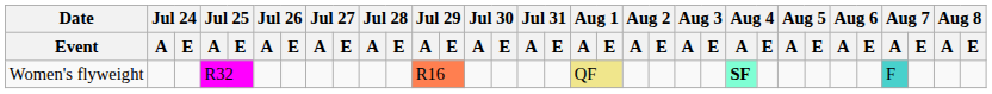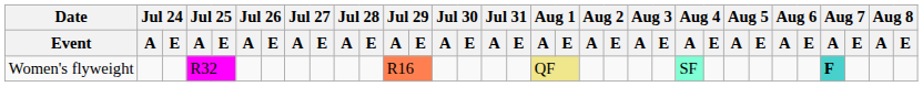 <table class="wikitable olympic-schedule Boxing">
 <tr>
 <th>Date</th>
 <th colspan="2">Jul 24</th>
 <th colspan="2">Jul 25</th>
 <th colspan="2">Jul 26</th>
 <th colspan="2">Jul 27</th>
 <th colspan="2">Jul 28</th>
 <th colspan="2">Jul 29</th>
 <th colspan="2">Jul 30</th>
 <th colspan="2">Jul 31</th>
 <th colspan="2">Aug 1</th>
 <th colspan="2">Aug 2</th>
 <th colspan="2">Aug 3</th>
 <th colspan="2">Aug 4</th>
 <th colspan="2">Aug 5</th>
 <th colspan="2">Aug 6</th>
 <th colspan="2">Aug 7</th>
 <th colspan="2">Aug 8</th>
 </tr>
 <tr>
 <th>Event</th>
 <th>A</th>
 <th>E</th>
 <th>A</th>
 <th>E</th>
 <th>A</th>
 <th>E</th>
 <th>A</th>
 <th>E</th>
 <th>A</th>
 <th>E</th>
 <th>A</th>
 <th>E</th>
 <th>A</th>
 <th>E</th>
 <th>A</th>
 <th>E</th>
 <th>A</th>
 <th>E</th>
 <th>A</th>
 <th>E</th>
 <th>A</th>
 <th>E</th>
 <th>A</th>
 <th>E</th>
 <th>A</th>
 <th>E</th>
 <th>A</th>
 <th>E</th>
 <th>A</th>
 <th>E</th>
 <th>A</th>
 <th>E</th>
 </tr>
 <tr>
 <td class="event">Women's flyweight</td>
 <td></td>
 <td></td>
 <td colspan="2" bgcolor="#FF00FF" class="roundof32">R32</td>
 <td></td>
 <td></td>
 <td></td>
 <td></td>
 <td></td>
 <td></td>
 <td colspan="2" bgcolor="#FF7F50" class="roundof16">R16</td>
 <td></td>
 <td></td>
 <td></td>
 <td></td>
 <td colspan="2" bgcolor="#F0E68C" class="quarterfinals">QF</td>
 <td></td>
 <td></td>
 <td></td>
 <td></td>
-<td bgcolor="#7FFFD4" class="semifinals"><strong>SF</strong></td>
+<td bgcolor="#7FFFD4" class="semifinals">SF</td>
 <td></td>
 <td></td>
 <td></td>
 <td></td>
 <td></td>
-<td bgcolor="#48D1CC" class="final">F</td>
+<td bgcolor="#48D1CC" class="final"><strong>F</strong></td>
 <td></td>
 <td></td>
 <td></td>
 </tr>
 </table>
